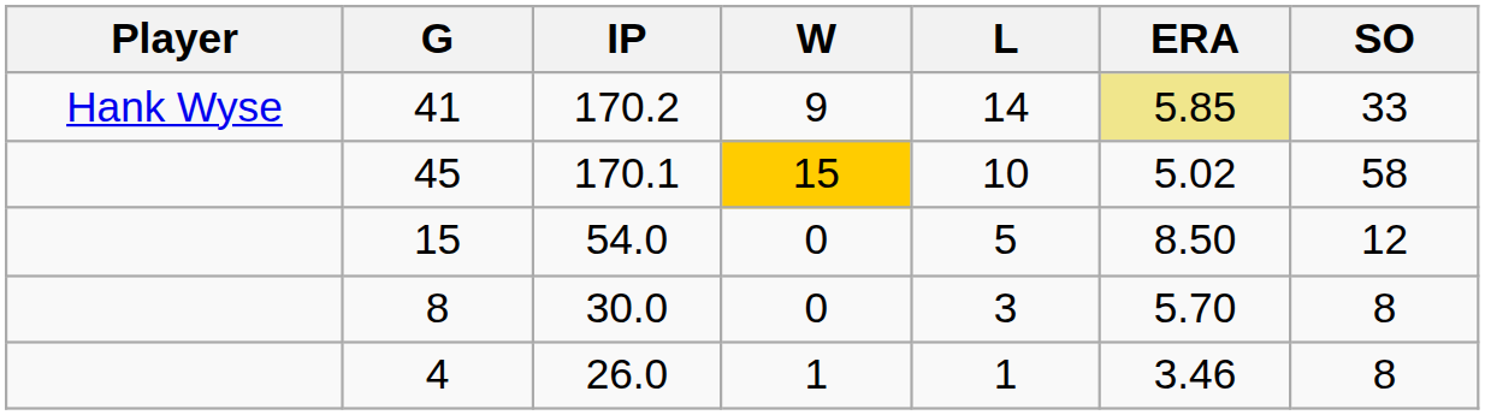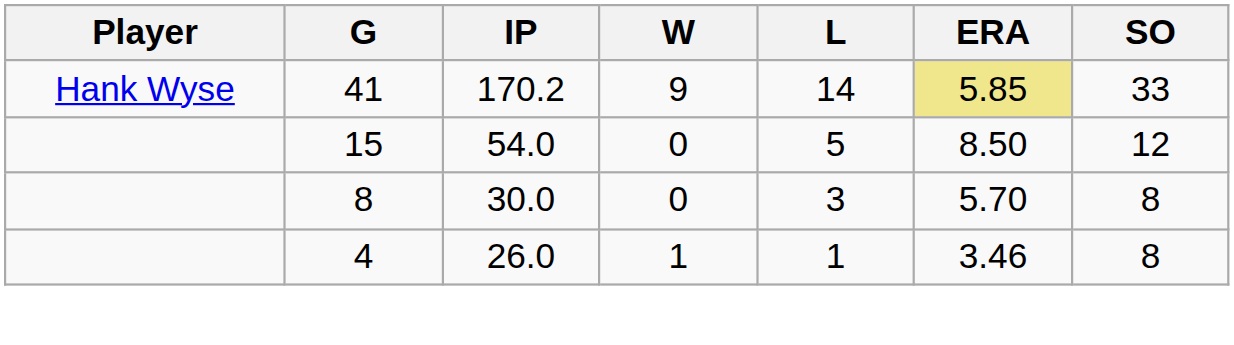 <table class="wikitable sortable">
 <tr>
 <th bgcolor="#DDDDFF" width="16%">Player</th>
 <th bgcolor="#DDDDFF" width="9%">G</th>
 <th bgcolor="#DDDDFF" width="9%">IP</th>
 <th bgcolor="#DDDDFF" width="9%">W</th>
 <th bgcolor="#DDDDFF" width="9%">L</th>
 <th bgcolor="#DDDDFF" width="9%">ERA</th>
 <th bgcolor="#DDDDFF" width="9%">SO</th>
 </tr>
 <tr align="center">
 <td><a href='#'>Hank Wyse</a></td>
 <td>41</td>
 <td>170.2</td>
 <td>9</td>
 <td>14</td>
 <td style="background: khaki;">5.85</td>
 <td>33</td>
-</tr>
-<tr align="center">
-<td></td>
-<td>45</td>
-<td>170.1</td>
-<td style="background:#fc0;">15</td>
-<td>10</td>
-<td>5.02</td>
-<td>58</td>
 </tr>
 <tr align="center">
 <td></td>
 <td>15</td>
 <td>54.0</td>
 <td>0</td>
 <td>5</td>
 <td>8.50</td>
 <td>12</td>
 </tr>
 <tr align="center">
 <td></td>
 <td>8</td>
 <td>30.0</td>
 <td>0</td>
 <td>3</td>
 <td>5.70</td>
 <td>8</td>
 </tr>
 <tr align="center">
 <td></td>
 <td>4</td>
 <td>26.0</td>
 <td>1</td>
 <td>1</td>
 <td>3.46</td>
 <td>8</td>
 </tr>
 </table>
